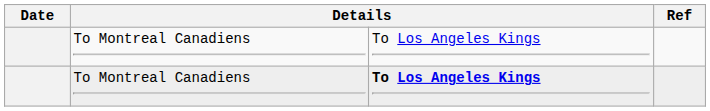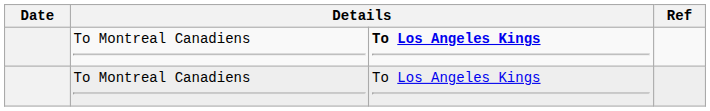 <table class="wikitable plainrowheaders" style="width: 50em;">
 <tr>
 <th scope="col">Date</th>
 <th scope="col" colspan="2">Details</th>
 <th scope="col">Ref</th>
 </tr>
 <tr>
 <th scope="row"></th>
 <td valign="top">To Montreal Canadiens <hr></td>
-<td valign="top">To <a href='#'>Los Angeles Kings</a> <hr></td>
+<td valign="top"><strong>To <a href='#'>Los Angeles Kings</a> <hr></strong></td>
 <td></td>
 </tr>
 <tr bgcolor="#eeeeee">
 <th scope="row"></th>
 <td valign="top">To Montreal Canadiens <hr></td>
-<td valign="top"><strong>To <a href='#'>Los Angeles Kings</a> <hr></strong></td>
+<td valign="top">To <a href='#'>Los Angeles Kings</a> <hr></td>
 <td></td>
 </tr>
 </table>
